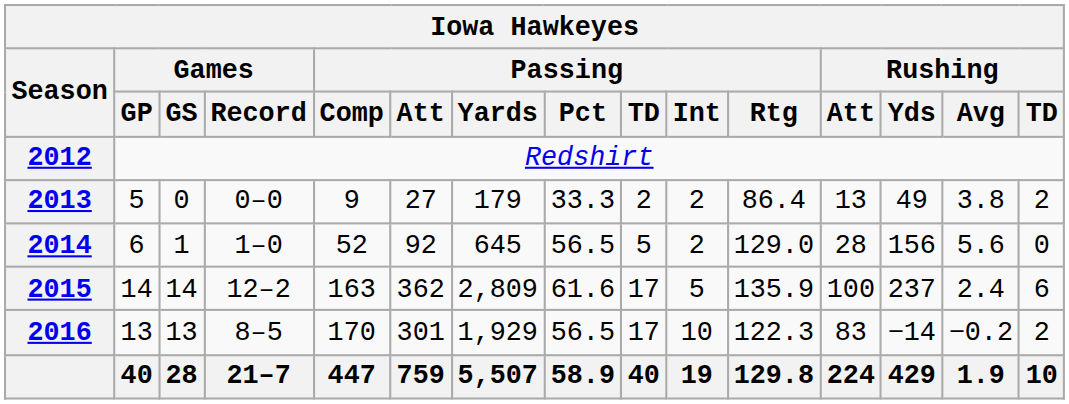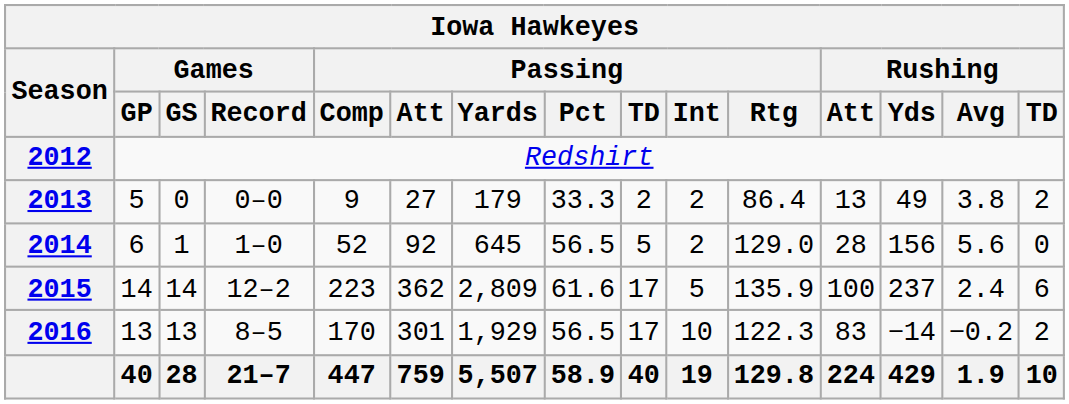 <table class=wikitable style="text-align:center;">
 <tr>
 <th colspan="15">Iowa Hawkeyes</th>
 </tr>
 <tr>
 <th rowspan="2">Season</th>
 <th colspan="3">Games</th>
 <th colspan="7">Passing</th>
 <th colspan="4">Rushing</th>
 </tr>
 <tr>
 <th>GP</th>
 <th>GS</th>
 <th>Record</th>
 <th>Comp</th>
 <th>Att</th>
 <th>Yards</th>
 <th>Pct</th>
 <th>TD</th>
 <th>Int</th>
 <th>Rtg</th>
 <th>Att</th>
 <th>Yds</th>
 <th>Avg</th>
 <th>TD</th>
 </tr>
 <tr>
 <th><a href='#'>2012</a></th>
 <td colspan="14"> <em><a href='#'>Redshirt</a></em></td>
 </tr>
 <tr>
 <th><a href='#'>2013</a></th>
 <td>5</td>
 <td>0</td>
 <td>0–0</td>
 <td>9</td>
 <td>27</td>
 <td>179</td>
 <td>33.3</td>
 <td>2</td>
 <td>2</td>
 <td>86.4</td>
 <td>13</td>
 <td>49</td>
 <td>3.8</td>
 <td>2</td>
 </tr>
 <tr>
 <th><a href='#'>2014</a></th>
 <td>6</td>
 <td>1</td>
 <td>1–0</td>
 <td>52</td>
 <td>92</td>
 <td>645</td>
 <td>56.5</td>
 <td>5</td>
 <td>2</td>
 <td>129.0</td>
 <td>28</td>
 <td>156</td>
 <td>5.6</td>
 <td>0</td>
 </tr>
 <tr>
 <th><a href='#'>2015</a></th>
 <td>14</td>
 <td>14</td>
 <td>12–2</td>
-<td>163</td>
+<td>223</td>
 <td>362</td>
 <td>2,809</td>
 <td>61.6</td>
 <td>17</td>
 <td>5</td>
 <td>135.9</td>
 <td>100</td>
 <td>237</td>
 <td>2.4</td>
 <td>6</td>
 </tr>
 <tr>
 <th><a href='#'>2016</a></th>
 <td>13</td>
 <td>13</td>
 <td>8–5</td>
 <td>170</td>
 <td>301</td>
 <td>1,929</td>
 <td>56.5</td>
 <td>17</td>
 <td>10</td>
 <td>122.3</td>
 <td>83</td>
 <td>−14</td>
 <td>−0.2</td>
 <td>2</td>
 </tr>
 <tr>
 <th></th>
 <th>40</th>
 <th>28</th>
 <th>21–7</th>
 <th>447</th>
 <th>759</th>
 <th>5,507</th>
 <th>58.9</th>
 <th>40</th>
 <th>19</th>
 <th>129.8</th>
 <th>224</th>
 <th>429</th>
 <th>1.9</th>
 <th>10</th>
 </tr>
 </table>
